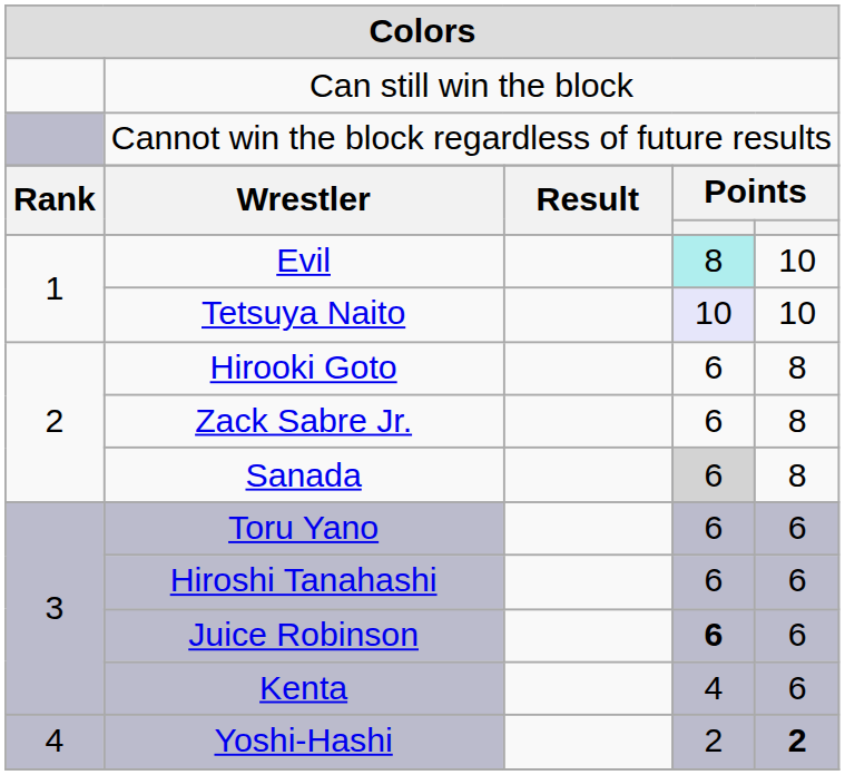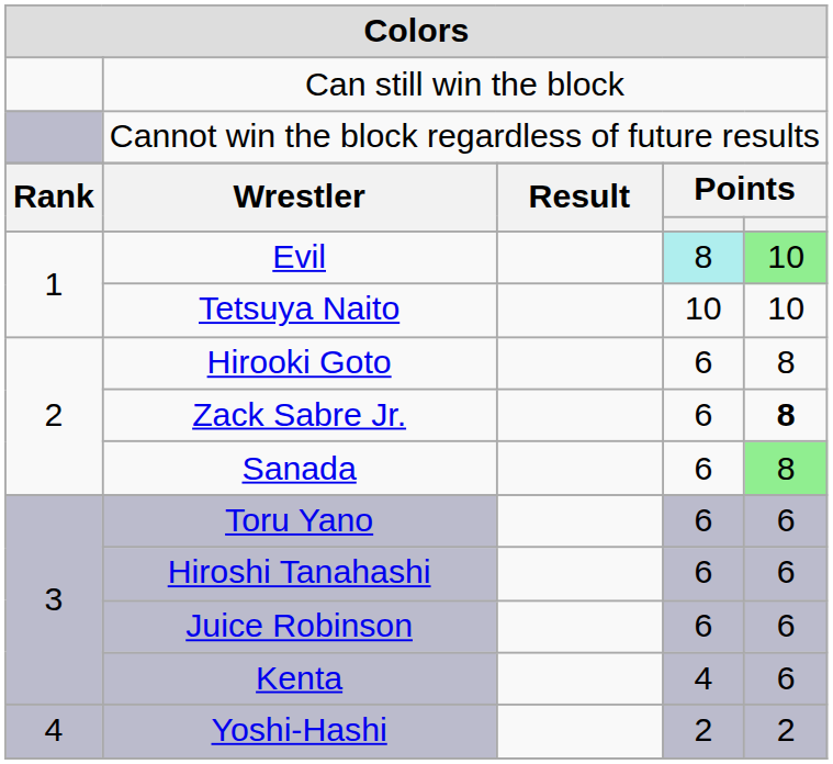 <table class="wikitable mw-collapsible mw-collapsed" plainrowheaders sortable" style="text-align: center">
 <tr>
 <th style="background: #DDDDDD;" colspan="5">Colors</th>
 </tr>
 <tr>
 <td></td>
 <td colspan="4">Can still win the block</td>
 </tr>
 <tr>
 <td style="background: #BBBBCC;"><br></td>
 <td colspan="4">Cannot win the block regardless of future results</td>
 </tr>
 <tr>
 </tr>
 <tr>
 <th scope="col" rowspan="2">Rank</th>
 <th scope="col" rowspan="2">Wrestler</th>
 <th scope="col" rowspan="2">Result</th>
 <th scope="col" colspan="2">Points</th>
 </tr>
 <tr>
 <th></th>
 <th></th>
 </tr>
 <tr>
 <td rowspan="2">1</td>
 <td><a href='#'>Evil</a></td>
 <td></td>
 <td style="background: paleturquoise;">8</td>
-<td>10</td>
+<td style="background: lightgreen;">10</td>
 </tr>
 <tr>
 <td><a href='#'>Tetsuya Naito</a></td>
 <td></td>
-<td style="background: lavender;">10</td>
+<td>10</td>
 <td>10</td>
 </tr>
 <tr>
 <td rowspan="3">2</td>
 <td><a href='#'>Hirooki Goto</a></td>
 <td></td>
 <td>6</td>
 <td>8</td>
 </tr>
 <tr>
 <td><a href='#'>Zack Sabre Jr.</a></td>
 <td></td>
 <td>6</td>
-<td>8</td>
+<td><strong>8</strong></td>
 </tr>
 <tr>
 <td><a href='#'>Sanada</a></td>
 <td></td>
-<td style="background: lightgrey;">6</td>
-<td>8</td>
+<td>6</td>
+<td style="background: lightgreen;">8</td>
 </tr>
 <tr>
 <td rowspan="4" style="background: #BBBBCC;">3</td>
 <td style="background: #BBBBCC;"><a href='#'>Toru Yano</a></td>
 <td></td>
 <td style="background: #BBBBCC;">6</td>
 <td style="background: #BBBBCC;">6</td>
 </tr>
 <tr>
 <td style="background: #BBBBCC;"><a href='#'>Hiroshi Tanahashi</a></td>
 <td></td>
 <td style="background: #BBBBCC;">6</td>
 <td style="background: #BBBBCC;">6</td>
 </tr>
 <tr>
 <td style="background: #BBBBCC;"><a href='#'>Juice Robinson</a></td>
 <td></td>
-<td style="background: #BBBBCC;"><strong>6</strong></td>
+<td style="background: #BBBBCC;">6</td>
 <td style="background: #BBBBCC;">6</td>
 </tr>
 <tr>
 <td style="background: #BBBBCC;"><a href='#'>Kenta</a></td>
 <td></td>
 <td style="background: #BBBBCC;">4</td>
 <td style="background: #BBBBCC;">6</td>
 </tr>
 <tr>
 <td style="background: #BBBBCC;">4</td>
 <td style="background: #BBBBCC;"><a href='#'>Yoshi-Hashi</a></td>
 <td></td>
 <td style="background: #BBBBCC;">2</td>
-<td style="background: #BBBBCC;"><strong>2</strong></td>
+<td style="background: #BBBBCC;">2</td>
 </tr>
 <tr>
 </tr>
 </table>
